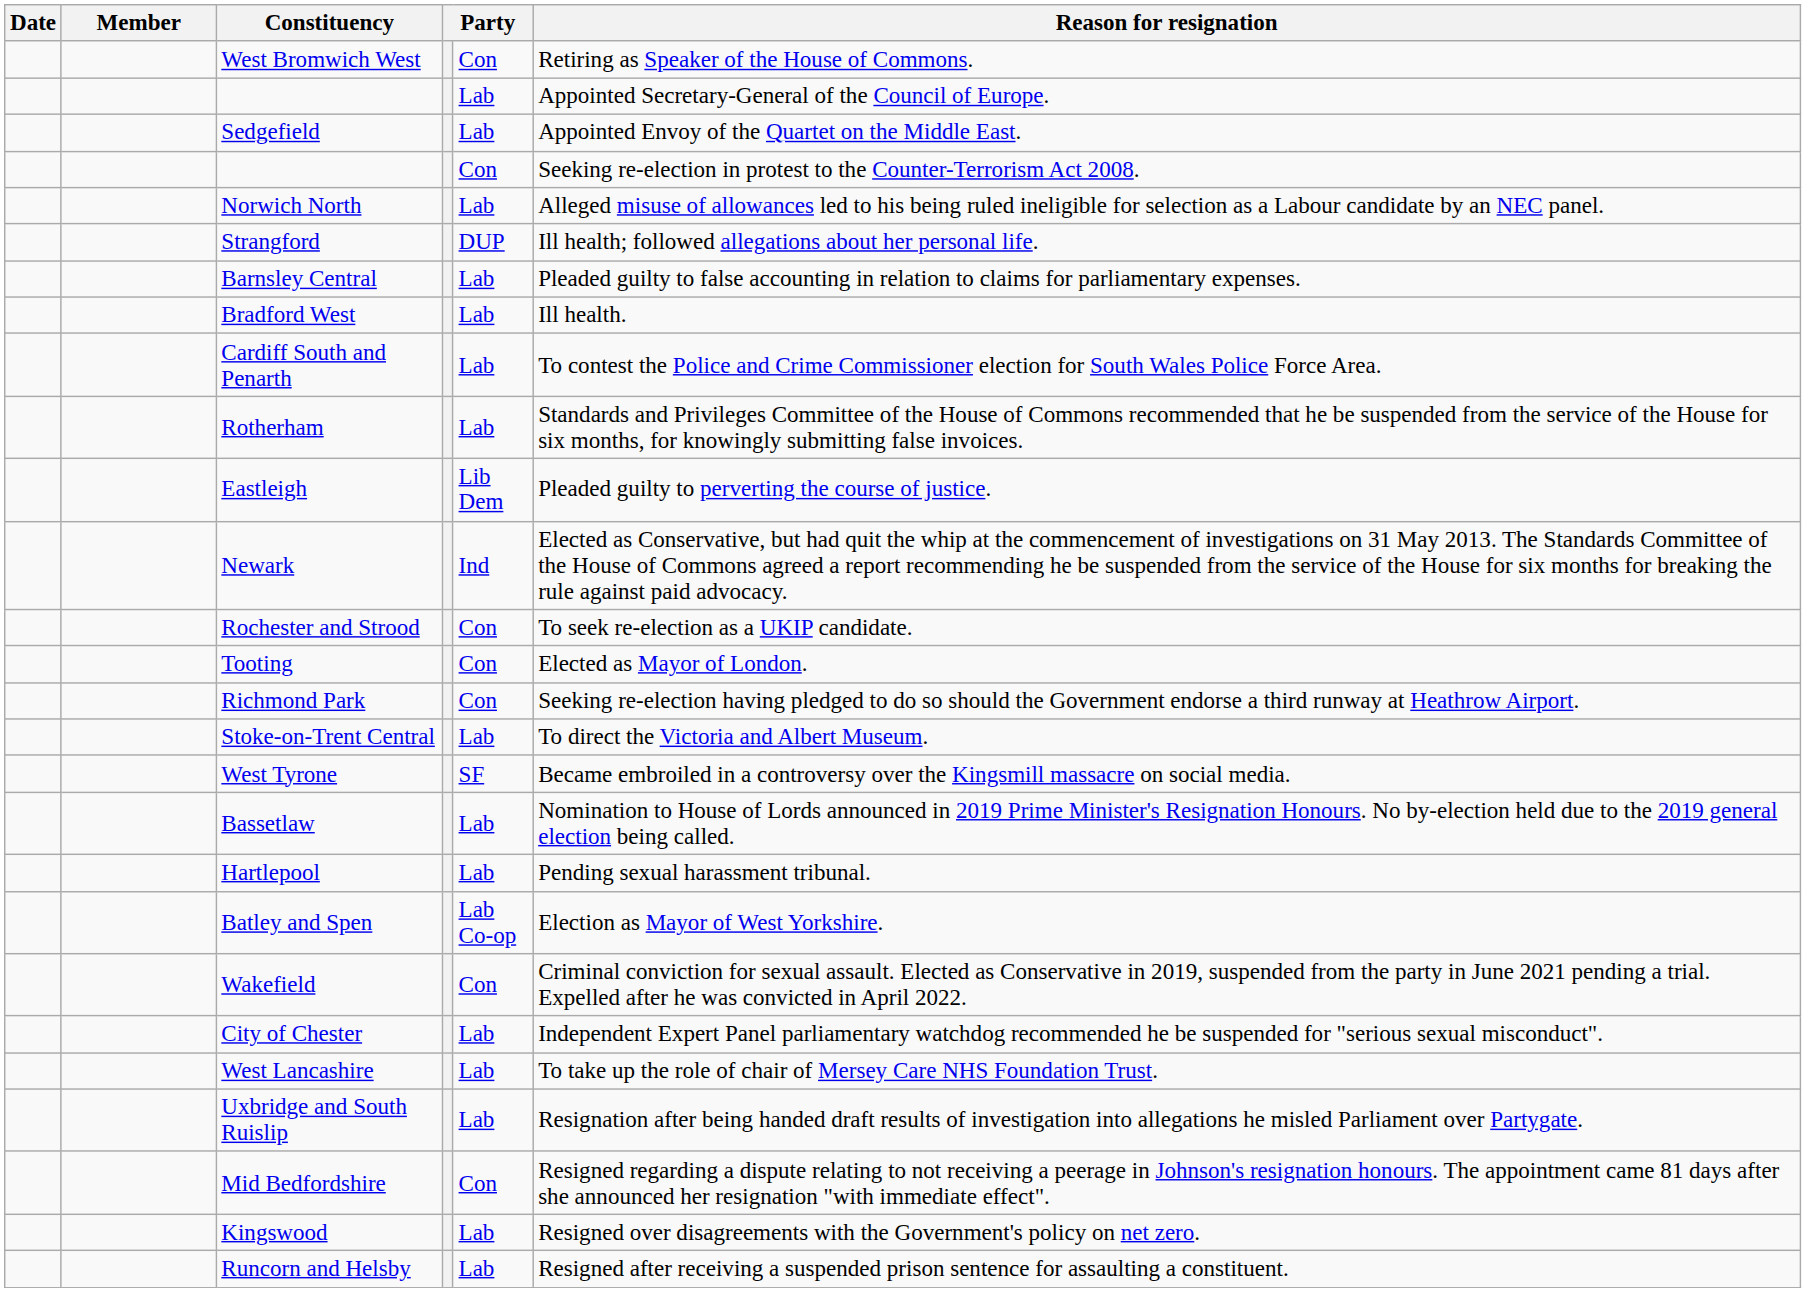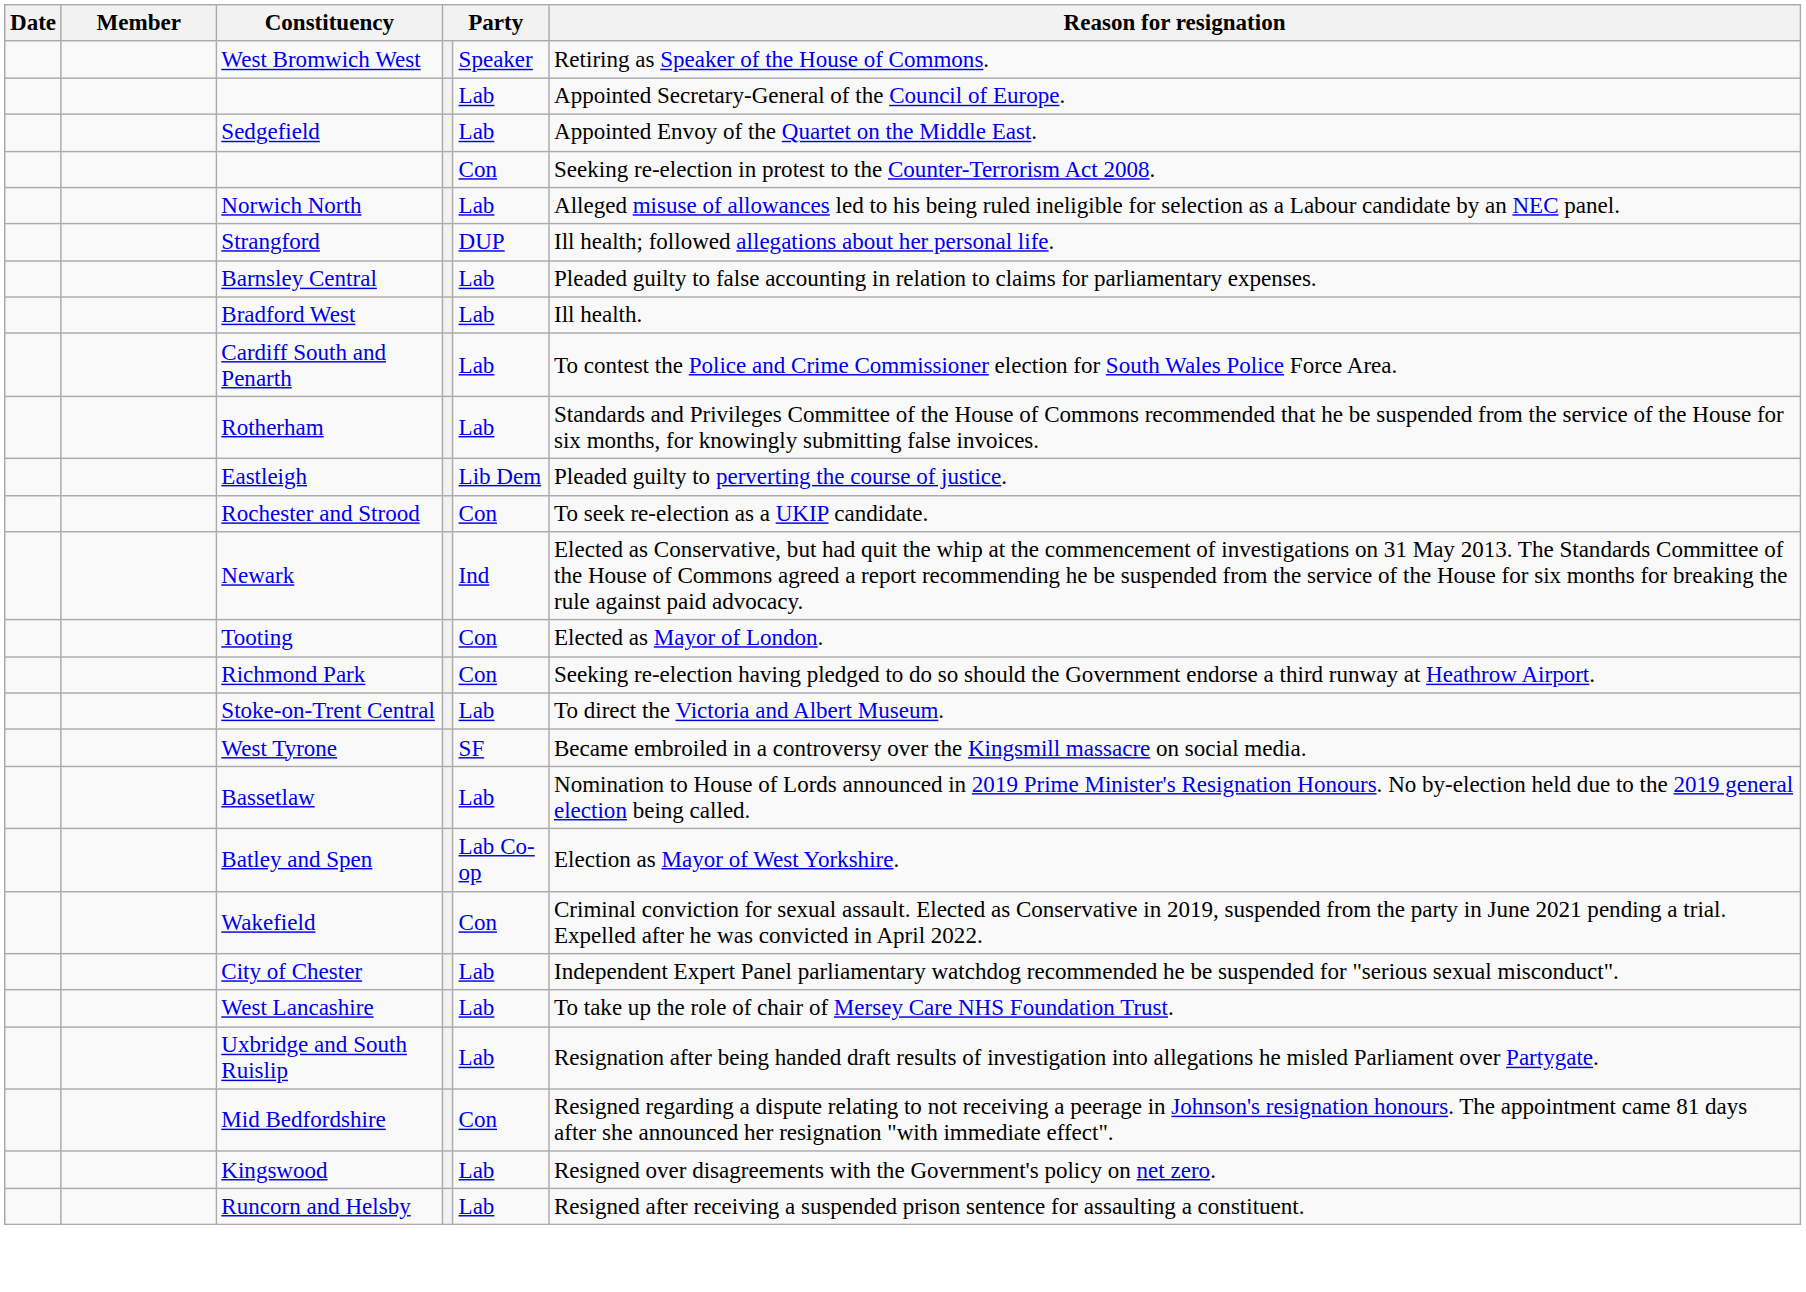 <table class="wikitable sortable collapsible">
 <tr>
 <th>Date</th>
 <th width=100>Member</th>
 <th width=150>Constituency</th>
 <th colspan=2  width=70>Party</th>
 <th class="unsortable">Reason for resignation</th>
 </tr>
 <tr>
 <td></td>
 <td></td>
 <td><a href='#'>West Bromwich West</a></td>
 <th style="background:"></th>
-<td><a href='#'>Con</a></td>
+<td><a href='#'>Speaker</a></td>
 <td>Retiring as <a href='#'>Speaker of the House of Commons</a>.</td>
 </tr>
 <tr>
 <td></td>
 <td></td>
 <td></td>
 <th style="background:"></th>
 <td><a href='#'>Lab</a></td>
 <td>Appointed Secretary-General of the <a href='#'>Council of Europe</a>.</td>
 </tr>
 <tr>
 <td></td>
 <td></td>
 <td><a href='#'>Sedgefield</a></td>
 <th style="background:"></th>
 <td><a href='#'>Lab</a></td>
 <td>Appointed Envoy of the <a href='#'>Quartet on the Middle East</a>.</td>
 </tr>
 <tr>
 <td></td>
 <td></td>
 <td></td>
 <th style="background:"></th>
 <td><a href='#'>Con</a></td>
 <td>Seeking re-election in protest to the <a href='#'>Counter-Terrorism Act 2008</a>.</td>
 </tr>
 <tr>
 <td></td>
 <td></td>
 <td><a href='#'>Norwich North</a></td>
 <th style="background:"></th>
 <td><a href='#'>Lab</a></td>
 <td>Alleged <a href='#'>misuse of allowances</a> led to his being ruled ineligible for selection as a Labour candidate by an <a href='#'>NEC</a> panel.</td>
 </tr>
 <tr>
 <td></td>
 <td></td>
 <td><a href='#'>Strangford</a></td>
 <th style="background:"></th>
 <td><a href='#'>DUP</a></td>
 <td>Ill health; followed <a href='#'>allegations about her personal life</a>.</td>
 </tr>
 <tr>
 <td></td>
 <td></td>
 <td><a href='#'>Barnsley Central</a></td>
 <th style="background:"></th>
 <td><a href='#'>Lab</a></td>
 <td>Pleaded guilty to false accounting in relation to claims for parliamentary expenses.</td>
 </tr>
 <tr>
 <td></td>
 <td></td>
 <td><a href='#'>Bradford West</a></td>
 <th style="background:"></th>
 <td><a href='#'>Lab</a></td>
 <td>Ill health.</td>
 </tr>
 <tr>
 <td></td>
 <td></td>
 <td><a href='#'>Cardiff South and Penarth</a></td>
 <th style="background:"></th>
 <td><a href='#'>Lab</a></td>
 <td>To contest the <a href='#'>Police and Crime Commissioner</a> election for <a href='#'>South Wales Police</a> Force Area.</td>
 </tr>
 <tr>
 <td></td>
 <td></td>
 <td><a href='#'>Rotherham</a></td>
 <th style="background:"></th>
 <td><a href='#'>Lab</a></td>
 <td>Standards and Privileges Committee of the House of Commons recommended that he be suspended from the service of the House for six months, for knowingly submitting false invoices.</td>
 </tr>
 <tr>
 <td></td>
 <td></td>
 <td><a href='#'>Eastleigh</a></td>
 <th style="background:"></th>
 <td><a href='#'>Lib Dem</a></td>
 <td>Pleaded guilty to <a href='#'>perverting the course of justice</a>.</td>
 </tr>
 <tr>
 <td></td>
 <td></td>
+<td><a href='#'>Rochester and Strood</a></td>
+<th style="background:"></th>
+<td><a href='#'>Con</a></td>
+<td>To seek re-election as a <a href='#'>UKIP</a> candidate.</td>
+</tr>
+<tr>
+<td></td>
+<td></td>
 <td><a href='#'>Newark</a></td>
 <th style="background:"></th>
 <td><a href='#'>Ind</a></td>
 <td>Elected as Conservative, but had quit the whip at the commencement of investigations on 31 May 2013. The Standards Committee of the House of Commons agreed a report recommending he be suspended from the service of the House for six months for breaking the rule against paid advocacy.</td>
-</tr>
-<tr>
-<td></td>
-<td></td>
-<td><a href='#'>Rochester and Strood</a></td>
-<th style="background:"></th>
-<td><a href='#'>Con</a></td>
-<td>To seek re-election as a <a href='#'>UKIP</a> candidate.</td>
 </tr>
 <tr>
 <td></td>
 <td></td>
 <td><a href='#'>Tooting</a></td>
 <th style="background:"></th>
 <td><a href='#'>Con</a></td>
 <td>Elected as <a href='#'>Mayor of London</a>.</td>
 </tr>
 <tr>
 <td></td>
 <td></td>
 <td><a href='#'>Richmond Park</a></td>
 <th style="background:"></th>
 <td><a href='#'>Con</a></td>
 <td>Seeking re-election having pledged to do so should the Government endorse a third runway at <a href='#'>Heathrow Airport</a>.</td>
 </tr>
 <tr>
 <td></td>
 <td></td>
 <td><a href='#'>Stoke-on-Trent Central</a></td>
 <th style="background:"></th>
 <td><a href='#'>Lab</a></td>
 <td>To direct the <a href='#'>Victoria and Albert Museum</a>.</td>
 </tr>
 <tr>
 <td></td>
 <td></td>
 <td><a href='#'>West Tyrone</a></td>
 <th style="background:"></th>
 <td><a href='#'>SF</a></td>
 <td>Became embroiled in a controversy over the <a href='#'>Kingsmill massacre</a> on social media.</td>
 </tr>
 <tr>
 <td></td>
 <td></td>
 <td><a href='#'>Bassetlaw</a></td>
 <th style="background:"></th>
 <td><a href='#'>Lab</a></td>
 <td>Nomination to House of Lords announced in <a href='#'>2019 Prime Minister's Resignation Honours</a>. No by-election held due to the <a href='#'>2019 general election</a> being called.</td>
-</tr>
-<tr>
-<td></td>
-<td></td>
-<td><a href='#'>Hartlepool</a></td>
-<th style="background:"></th>
-<td><a href='#'>Lab</a></td>
-<td>Pending sexual harassment tribunal.</td>
 </tr>
 <tr>
 <td></td>
 <td></td>
 <td><a href='#'>Batley and Spen</a></td>
 <th style="background:"></th>
 <td><a href='#'>Lab Co-op</a></td>
 <td>Election as <a href='#'>Mayor of West Yorkshire</a>.</td>
 </tr>
 <tr>
 <td></td>
 <td></td>
 <td><a href='#'>Wakefield</a></td>
 <th style="background:"></th>
 <td><a href='#'>Con</a></td>
 <td>Criminal conviction for sexual assault. Elected as Conservative in 2019, suspended from the party in June 2021 pending a trial. Expelled after he was convicted in April 2022.</td>
 </tr>
 <tr>
 <td></td>
 <td></td>
 <td><a href='#'>City of Chester</a></td>
 <th style="background:"></th>
 <td><a href='#'>Lab</a></td>
 <td>Independent Expert Panel parliamentary watchdog recommended he be suspended for "serious sexual misconduct".</td>
 </tr>
 <tr>
 <td></td>
 <td></td>
 <td><a href='#'>West Lancashire</a></td>
 <th style="background:"></th>
 <td><a href='#'>Lab</a></td>
 <td>To take up the role of chair of <a href='#'>Mersey Care NHS Foundation Trust</a>.</td>
 </tr>
 <tr>
 <td></td>
 <td></td>
 <td><a href='#'>Uxbridge and South Ruislip</a></td>
 <th style="background:"></th>
 <td><a href='#'>Lab</a></td>
 <td>Resignation after being handed draft results of investigation into allegations he misled Parliament over <a href='#'>Partygate</a>.</td>
 </tr>
 <tr>
 <td></td>
 <td></td>
 <td><a href='#'>Mid Bedfordshire</a></td>
 <th style="background:"></th>
 <td><a href='#'>Con</a></td>
 <td>Resigned regarding a dispute relating to not receiving a peerage in <a href='#'>Johnson's resignation honours</a>. The appointment came 81 days after she announced her resignation "with immediate effect".</td>
 </tr>
 <tr>
 <td></td>
 <td></td>
 <td><a href='#'>Kingswood</a></td>
 <th style="background:"></th>
 <td><a href='#'>Lab</a></td>
 <td>Resigned over disagreements with the Government's policy on <a href='#'>net zero</a>.</td>
 </tr>
 <tr>
 <td></td>
 <td></td>
 <td><a href='#'>Runcorn and Helsby</a></td>
 <th style="background:"></th>
 <td><a href='#'>Lab</a></td>
 <td>Resigned after receiving a suspended prison sentence for assaulting a constituent.</td>
 </tr>
 </table>
